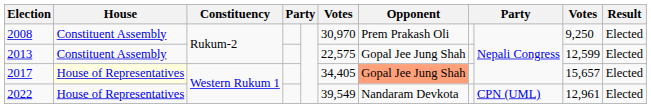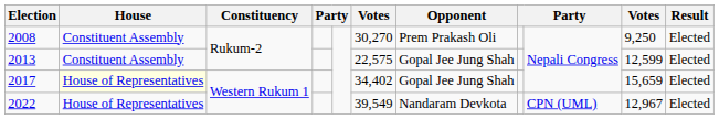 <table class="wikitable">
 <tr>
 <th>Election</th>
 <th>House</th>
 <th>Constituency</th>
 <th colspan="2">Party</th>
 <th>Votes</th>
 <th>Opponent</th>
 <th colspan="2">Party</th>
 <th>Votes</th>
 <th>Result</th>
 </tr>
 <tr>
 <td><a href='#'>2008</a></td>
 <td><a href='#'>Constituent Assembly</a></td>
 <td rowspan="2">Rukum-2</td>
 <td></td>
 <td rowspan="4"></td>
-<td>30,970</td>
+<td>30,270</td>
 <td>Prem Prakash Oli</td>
 <td></td>
 <td rowspan="3"><a href='#'>Nepali Congress</a></td>
 <td>9,250</td>
 <td> Elected</td>
 </tr>
 <tr>
 <td><a href='#'>2013</a></td>
 <td><a href='#'>Constituent Assembly</a></td>
 <td></td>
 <td>22,575</td>
 <td>Gopal Jee Jung Shah</td>
 <td></td>
 <td>12,599</td>
 <td> Elected</td>
 </tr>
 <tr>
 <td><a href='#'>2017</a></td>
 <td style="background: lightyellow;"><a href='#'>House of Representatives</a></td>
 <td rowspan="2"><a href='#'>Western Rukum 1</a></td>
 <td></td>
-<td>34,405</td>
-<td style="background: lightsalmon;">Gopal Jee Jung Shah</td>
+<td>34,402</td>
+<td>Gopal Jee Jung Shah</td>
 <td></td>
-<td>15,657</td>
+<td>15,659</td>
 <td> Elected</td>
 </tr>
 <tr>
 <td><a href='#'>2022</a></td>
 <td><a href='#'>House of Representatives</a></td>
 <td></td>
 <td>39,549</td>
 <td>Nandaram Devkota</td>
 <td></td>
 <td><a href='#'>CPN (UML)</a></td>
-<td>12,961</td>
+<td>12,967</td>
 <td> Elected</td>
 </tr>
 </table>
